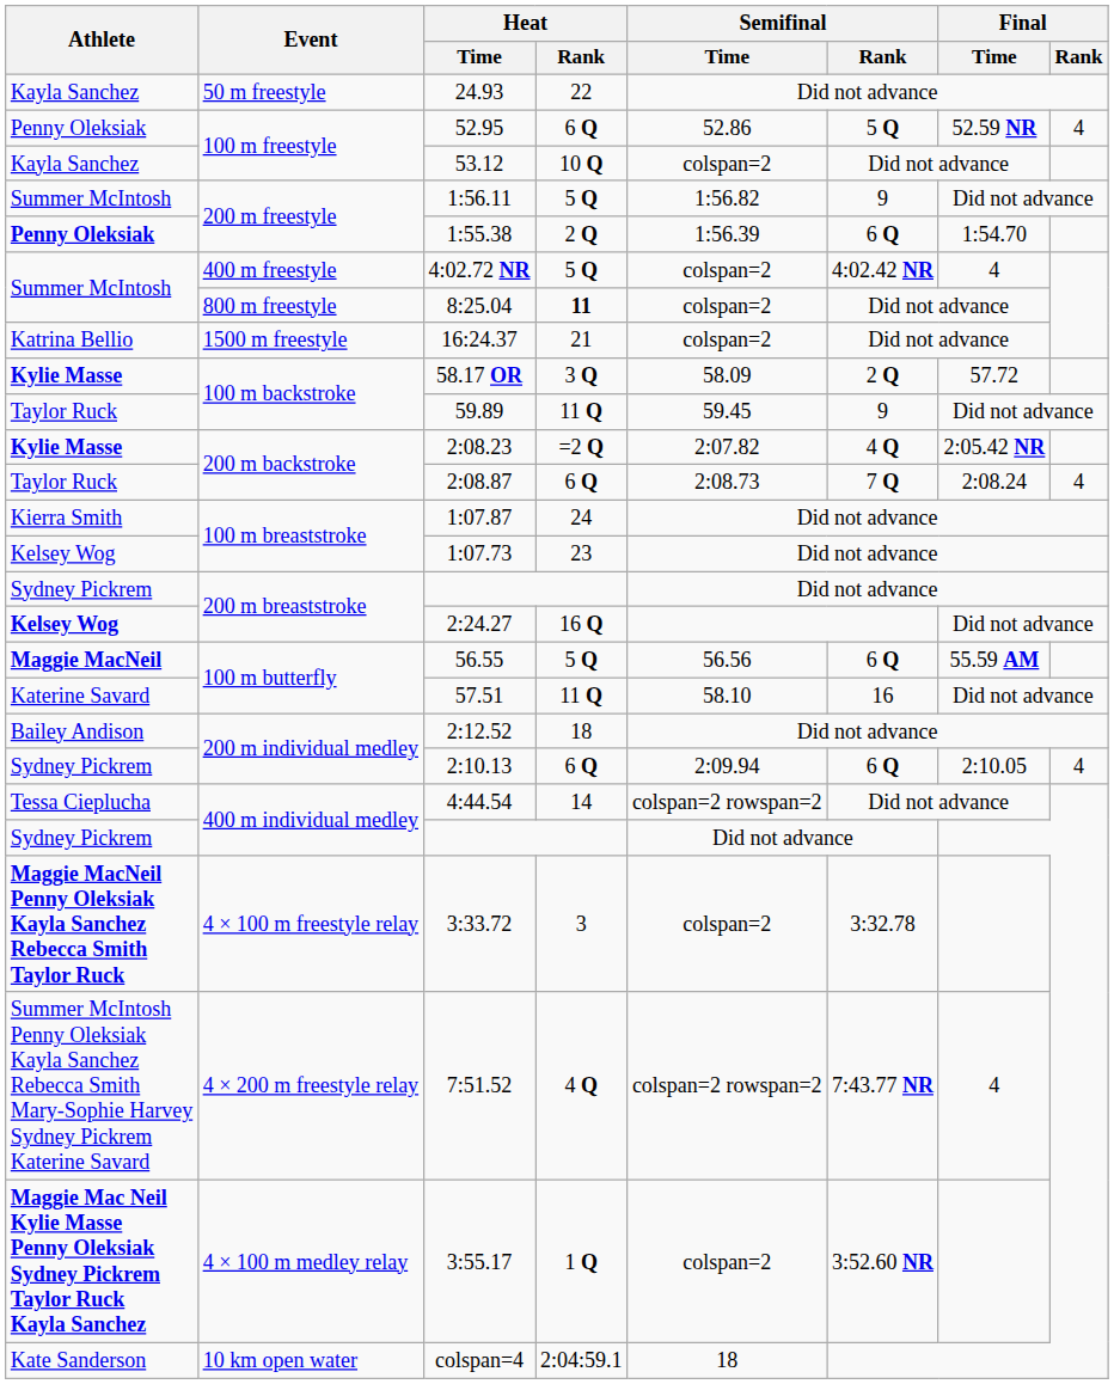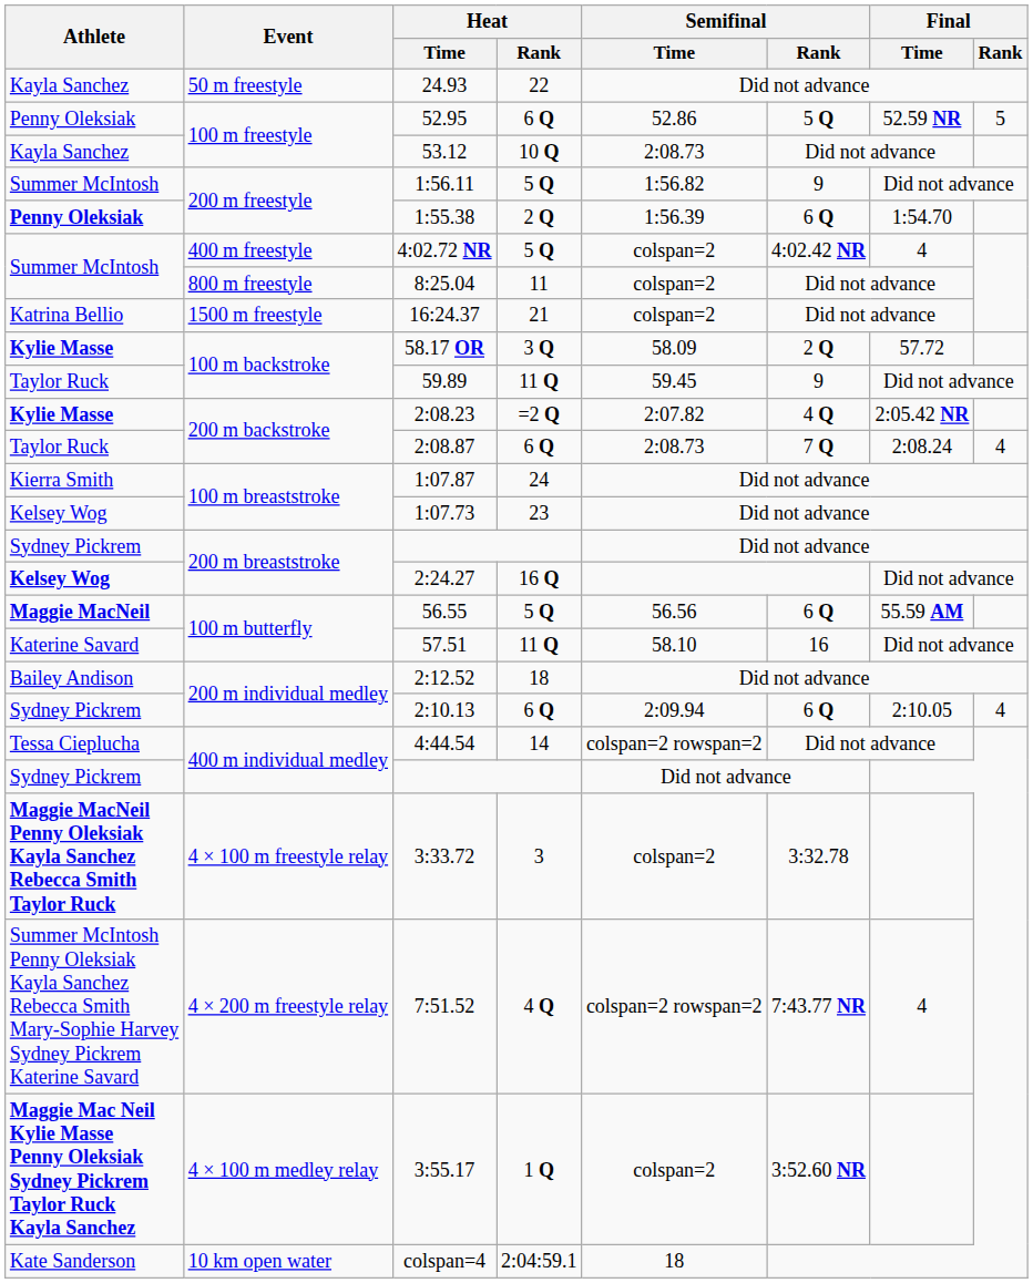 <table class=wikitable style=font-size:90%;text-align:center>
 <tr>
 <th rowspan=2>Athlete</th>
 <th rowspan=2>Event</th>
 <th colspan=2>Heat</th>
 <th colspan=2>Semifinal</th>
 <th colspan=2>Final</th>
 </tr>
 <tr style=font-size:95%>
 <th>Time</th>
 <th>Rank</th>
 <th>Time</th>
 <th>Rank</th>
 <th>Time</th>
 <th>Rank</th>
 </tr>
 <tr>
 <td align=left><a href='#'>Kayla Sanchez</a></td>
 <td align=left><a href='#'>50 m freestyle</a></td>
 <td>24.93</td>
 <td>22</td>
 <td colspan="4">Did not advance</td>
 </tr>
 <tr>
 <td align=left><a href='#'>Penny Oleksiak</a></td>
 <td align=left rowspan=2><a href='#'>100 m freestyle</a></td>
 <td>52.95</td>
 <td>6 <strong>Q</strong></td>
 <td>52.86</td>
 <td>5 <strong>Q</strong></td>
 <td>52.59 <strong><a href='#'>NR</a></strong></td>
-<td>4</td>
+<td>5</td>
 </tr>
 <tr>
 <td align=left><a href='#'>Kayla Sanchez</a></td>
 <td>53.12</td>
 <td>10 <strong>Q</strong></td>
-<td>colspan=2 </td>
+<td>2:08.73</td>
 <td colspan="2">Did not advance</td>
 </tr>
 <tr>
 <td align=left><a href='#'>Summer McIntosh</a></td>
 <td align=left rowspan=2><a href='#'>200 m freestyle</a></td>
 <td>1:56.11</td>
 <td>5 <strong>Q</strong></td>
 <td>1:56.82</td>
 <td>9</td>
 <td colspan="2">Did not advance</td>
 </tr>
 <tr>
 <td align=left><strong><a href='#'>Penny Oleksiak</a></strong></td>
 <td>1:55.38</td>
 <td>2 <strong>Q</strong></td>
 <td>1:56.39</td>
 <td>6 <strong>Q</strong></td>
 <td>1:54.70</td>
 <td></td>
 </tr>
 <tr>
 <td align=left rowspan=2><a href='#'>Summer McIntosh</a></td>
 <td align=left><a href='#'>400 m freestyle</a></td>
 <td>4:02.72 <strong><a href='#'>NR</a></strong></td>
 <td>5 <strong>Q</strong></td>
 <td>colspan=2 </td>
 <td>4:02.42 <strong><a href='#'>NR</a></strong></td>
 <td>4</td>
 </tr>
 <tr>
 <td align=left><a href='#'>800 m freestyle</a></td>
 <td>8:25.04</td>
-<td><strong>11</strong></td>
+<td>11</td>
 <td>colspan=2 </td>
 <td colspan="2">Did not advance</td>
 </tr>
 <tr>
 <td align=left><a href='#'>Katrina Bellio</a></td>
 <td align=left><a href='#'>1500 m freestyle</a></td>
 <td>16:24.37</td>
 <td>21</td>
 <td>colspan=2 </td>
 <td colspan="2">Did not advance</td>
 </tr>
 <tr>
 <td align=left><strong><a href='#'>Kylie Masse</a></strong></td>
 <td align=left rowspan=2><a href='#'>100 m backstroke</a></td>
 <td>58.17 <strong><a href='#'>OR</a></strong></td>
 <td>3 <strong>Q</strong></td>
 <td>58.09</td>
 <td>2 <strong>Q</strong></td>
 <td>57.72</td>
 <td></td>
 </tr>
 <tr>
 <td align=left><a href='#'>Taylor Ruck</a></td>
 <td>59.89</td>
 <td>11 <strong>Q</strong></td>
 <td>59.45</td>
 <td>9</td>
 <td colspan="2">Did not advance</td>
 </tr>
 <tr>
 <td align=left><strong><a href='#'>Kylie Masse</a></strong></td>
 <td align=left rowspan=2><a href='#'>200 m backstroke</a></td>
 <td>2:08.23</td>
 <td>=2 <strong>Q</strong></td>
 <td>2:07.82</td>
 <td>4 <strong>Q</strong></td>
 <td>2:05.42 <strong><a href='#'>NR</a></strong></td>
 <td></td>
 </tr>
 <tr>
 <td align=left><a href='#'>Taylor Ruck</a></td>
 <td>2:08.87</td>
 <td>6 <strong>Q</strong></td>
 <td>2:08.73</td>
 <td>7 <strong>Q</strong></td>
 <td>2:08.24</td>
 <td>4</td>
 </tr>
 <tr>
 <td align=left><a href='#'>Kierra Smith</a></td>
 <td align=left rowspan=2><a href='#'>100 m breaststroke</a></td>
 <td>1:07.87</td>
 <td>24</td>
 <td colspan="4">Did not advance</td>
 </tr>
 <tr>
 <td align=left><a href='#'>Kelsey Wog</a></td>
 <td>1:07.73</td>
 <td>23</td>
 <td colspan="4">Did not advance</td>
 </tr>
 <tr>
 <td align=left><a href='#'>Sydney Pickrem</a></td>
 <td align=left rowspan=2><a href='#'>200 m breaststroke</a></td>
 <td colspan="2"></td>
 <td colspan="4">Did not advance</td>
 </tr>
 <tr>
 <td align=left><strong><a href='#'>Kelsey Wog</a></strong></td>
 <td>2:24.27</td>
 <td>16 <strong>Q</strong></td>
 <td colspan="2"></td>
 <td colspan="2">Did not advance</td>
 </tr>
 <tr>
 <td align=left><strong><a href='#'>Maggie MacNeil</a></strong></td>
 <td align=left rowspan=2><a href='#'>100 m butterfly</a></td>
 <td>56.55</td>
 <td>5 <strong>Q</strong></td>
 <td>56.56</td>
 <td>6 <strong>Q</strong></td>
 <td>55.59 <strong><a href='#'>AM</a></strong></td>
 <td></td>
 </tr>
 <tr>
 <td align=left><a href='#'>Katerine Savard</a></td>
 <td>57.51</td>
 <td>11 <strong>Q</strong></td>
 <td>58.10</td>
 <td>16</td>
 <td colspan="2">Did not advance</td>
 </tr>
 <tr>
 <td align=left><a href='#'>Bailey Andison</a></td>
 <td align=left rowspan=2><a href='#'>200 m individual medley</a></td>
 <td>2:12.52</td>
 <td>18</td>
 <td colspan="4">Did not advance</td>
 </tr>
 <tr>
 <td align=left><a href='#'>Sydney Pickrem</a></td>
 <td>2:10.13</td>
 <td>6 <strong>Q</strong></td>
 <td>2:09.94</td>
 <td>6 <strong>Q</strong></td>
 <td>2:10.05</td>
 <td>4</td>
 </tr>
 <tr>
 <td align=left><a href='#'>Tessa Cieplucha</a></td>
 <td align=left rowspan=2><a href='#'>400 m individual medley</a></td>
 <td>4:44.54</td>
 <td>14</td>
 <td>colspan=2 rowspan=2 </td>
 <td colspan="2">Did not advance</td>
 </tr>
 <tr>
 <td align=left><a href='#'>Sydney Pickrem</a></td>
 <td colspan="2"></td>
 <td colspan="2">Did not advance</td>
 </tr>
 <tr>
 <td align=left><strong><a href='#'>Maggie MacNeil</a><br><a href='#'>Penny Oleksiak</a><br><a href='#'>Kayla Sanchez</a><br><a href='#'>Rebecca Smith</a><br><a href='#'>Taylor Ruck</a></strong></td>
 <td align=left><a href='#'>4 × 100 m freestyle relay</a></td>
 <td>3:33.72</td>
 <td>3</td>
 <td>colspan=2 </td>
 <td>3:32.78</td>
 <td></td>
 </tr>
 <tr>
 <td align=left><a href='#'>Summer McIntosh</a><br><a href='#'>Penny Oleksiak</a><br><a href='#'>Kayla Sanchez</a><br><a href='#'>Rebecca Smith</a><br><a href='#'>Mary-Sophie Harvey</a><br><a href='#'>Sydney Pickrem</a><br><a href='#'>Katerine Savard</a></td>
 <td align=left><a href='#'>4 × 200 m freestyle relay</a></td>
 <td>7:51.52</td>
 <td>4 <strong>Q</strong></td>
 <td>colspan=2 rowspan=2 </td>
 <td>7:43.77 <strong><a href='#'>NR</a></strong></td>
 <td>4</td>
 </tr>
 <tr>
 <td align=left><strong><a href='#'>Maggie Mac Neil</a><br><a href='#'>Kylie Masse</a><br><a href='#'>Penny Oleksiak</a><br><a href='#'>Sydney Pickrem</a><br><a href='#'>Taylor Ruck</a><br><a href='#'>Kayla Sanchez</a></strong></td>
 <td align=left><a href='#'>4 × 100 m medley relay</a></td>
 <td>3:55.17</td>
 <td>1 <strong>Q</strong></td>
 <td>colspan=2 </td>
 <td>3:52.60 <strong><a href='#'>NR</a></strong></td>
 <td></td>
 </tr>
 <tr>
 <td align=left><a href='#'>Kate Sanderson</a></td>
 <td align=left><a href='#'>10 km open water</a></td>
 <td>colspan=4 </td>
 <td>2:04:59.1</td>
 <td>18</td>
 </tr>
 </table>
